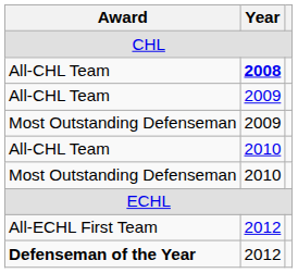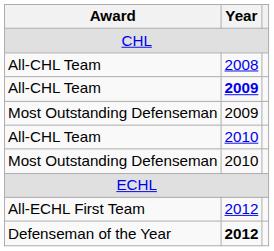 <table class="wikitable">
 <tr>
 <th>Award</th>
 <th>Year</th>
 <th></th>
 </tr>
 <tr ALIGN="center" bgcolor="#e0e0e0">
 <td colspan="3"><a href='#'>CHL</a></td>
 </tr>
 <tr>
 <td>All-CHL Team</td>
-<td><strong><a href='#'>2008</a></strong></td>
+<td><a href='#'>2008</a></td>
 <td></td>
 </tr>
 <tr>
 <td>All-CHL Team</td>
-<td><a href='#'>2009</a></td>
+<td><strong><a href='#'>2009</a></strong></td>
 <td></td>
 </tr>
 <tr>
 <td>Most Outstanding Defenseman</td>
 <td>2009</td>
 <td></td>
 </tr>
 <tr>
 <td>All-CHL Team</td>
 <td><a href='#'>2010</a></td>
 <td></td>
 </tr>
 <tr>
 <td>Most Outstanding Defenseman</td>
 <td>2010</td>
 <td></td>
 </tr>
 <tr ALIGN="center" bgcolor="#e0e0e0">
 <td colspan="3"><a href='#'>ECHL</a></td>
 </tr>
 <tr>
 <td>All-ECHL First Team</td>
 <td><a href='#'>2012</a></td>
 <td></td>
 </tr>
 <tr>
-<td><strong>Defenseman of the Year</strong></td>
-<td>2012</td>
+<td>Defenseman of the Year</td>
+<td><strong>2012</strong></td>
 <td></td>
 </tr>
 </table>
